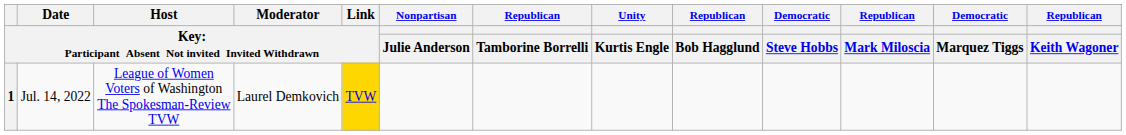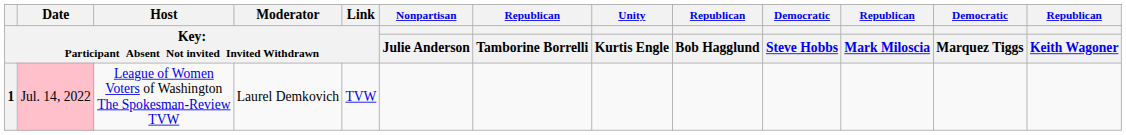 <table class="wikitable" style="text-align:center;">
 <tr>
 <th scope="col"></th>
 <th scope="col">Date</th>
 <th scope="col">Host</th>
 <th scope="col">Moderator</th>
 <th scope="col">Link</th>
 <th scope="col"><small><a href='#'>Nonpartisan</a></small></th>
 <th scope="col"><small><a href='#'>Republican</a></small></th>
 <th scope="col"><small><a href='#'>Unity</a></small></th>
 <th scope="col"><small><a href='#'>Republican</a></small></th>
 <th scope="col"><small><a href='#'>Democratic</a></small></th>
 <th scope="col"><small><a href='#'>Republican</a></small></th>
 <th scope="col"><small><a href='#'>Democratic</a></small></th>
 <th scope="col"><small><a href='#'>Republican</a></small></th>
 </tr>
 <tr>
 <th colspan="5" rowspan="2">Key:<br> <small>Participant </small>  <small>Absent </small>  <small>Not invited </small>  <small>Invited  Withdrawn</small></th>
 <th scope="col" style="background:"></th>
 <th scope="col" style="background:"></th>
 <th scope="col" style="background:"></th>
 <th scope="col" style="background:"></th>
 <th scope="col" style="background:"></th>
 <th scope="col" style="background:"></th>
 <th scope="col" style="background:"></th>
 <th scope="col" style="background:"></th>
 </tr>
 <tr>
 <th scope="col">Julie Anderson</th>
 <th scope="col">Tamborine Borrelli</th>
 <th scope="col">Kurtis Engle</th>
 <th scope="col">Bob Hagglund</th>
 <th scope="col"><a href='#'>Steve Hobbs</a></th>
 <th scope="col"><a href='#'>Mark Miloscia</a></th>
 <th scope="col">Marquez Tiggs</th>
 <th scope="col"><a href='#'>Keith Wagoner</a></th>
 </tr>
 <tr>
 <th>1</th>
-<td style="white-space:nowrap;">Jul. 14, 2022</td>
+<td style="background: pink; white-space:nowrap;">Jul. 14, 2022</td>
 <td style="white-space:nowrap;"><a href='#'>League of Women</a><br><a href='#'>Voters</a> of Washington<br><a href='#'>The Spokesman-Review</a><br><a href='#'>TVW</a></td>
 <td style="white-space:nowrap;">Laurel Demkovich</td>
-<td style="background: gold; white-space:nowrap;"><a href='#'>TVW</a></td>
+<td style="white-space:nowrap;"><a href='#'>TVW</a></td>
 <td></td>
 <td></td>
 <td></td>
 <td></td>
 <td></td>
 <td></td>
 <td></td>
 <td></td>
 </tr>
 </table>
